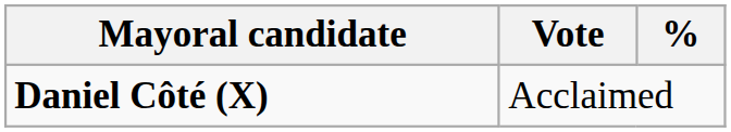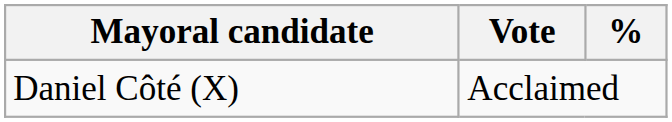 <table class="wikitable">
 <tr>
 <th bgcolor="#DDDDFF" width="200px">Mayoral candidate</th>
 <th bgcolor="#DDDDFF" width="50px">Vote</th>
 <th bgcolor="#DDDDFF" width="30px">%</th>
 </tr>
 <tr>
-<td><strong>Daniel Côté (X)</strong></td>
+<td>Daniel Côté (X)</td>
 <td colspan="2">Acclaimed</td>
 </tr>
 </table>
